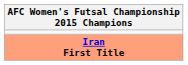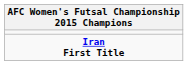 <table class="wikitable" style="text-align: center; margin: 0 auto; width: 20%">
 <tr>
 <th>AFC Women's Futsal Championship<br>2015 Champions</th>
 </tr>
 <tr>
 <td></td>
 </tr>
 <tr>
-<td style="background: lightsalmon;"><strong><a href='#'>Iran</a></strong><br><strong>First Title</strong></td>
+<td><strong><a href='#'>Iran</a></strong><br><strong>First Title</strong></td>
 </tr>
 </table>
